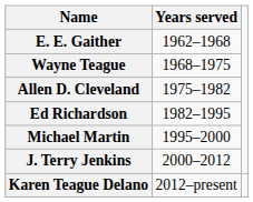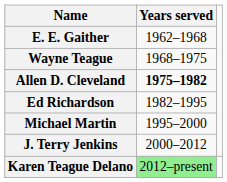 <table style="float:right;"  class="wikitable">
 <tr>
 <th>Name</th>
 <th>Years served</th>
 </tr>
 <tr>
 <th>E. E. Gaither</th>
 <td style="text-align:center;">1962–1968</td>
 </tr>
 <tr>
 <th>Wayne Teague</th>
 <td style="text-align:center;">1968–1975</td>
 </tr>
 <tr>
 <th>Allen D. Cleveland</th>
-<td style="text-align:center;">1975–1982</td>
+<td style="text-align:center;"><strong>1975–1982</strong></td>
 </tr>
 <tr>
 <th>Ed Richardson</th>
 <td style="text-align:center;">1982–1995</td>
 </tr>
 <tr>
 <th>Michael Martin</th>
 <td style="text-align:center;">1995–2000</td>
 </tr>
 <tr>
 <th>J. Terry Jenkins</th>
 <td style="text-align:center;">2000–2012</td>
 </tr>
 <tr>
 <th>Karen Teague Delano</th>
-<td style="text-align:center;">2012–present</td>
+<td style="background: lightgreen; text-align:center;">2012–present</td>
 <td colspan="2"></td>
 </tr>
 </table>
